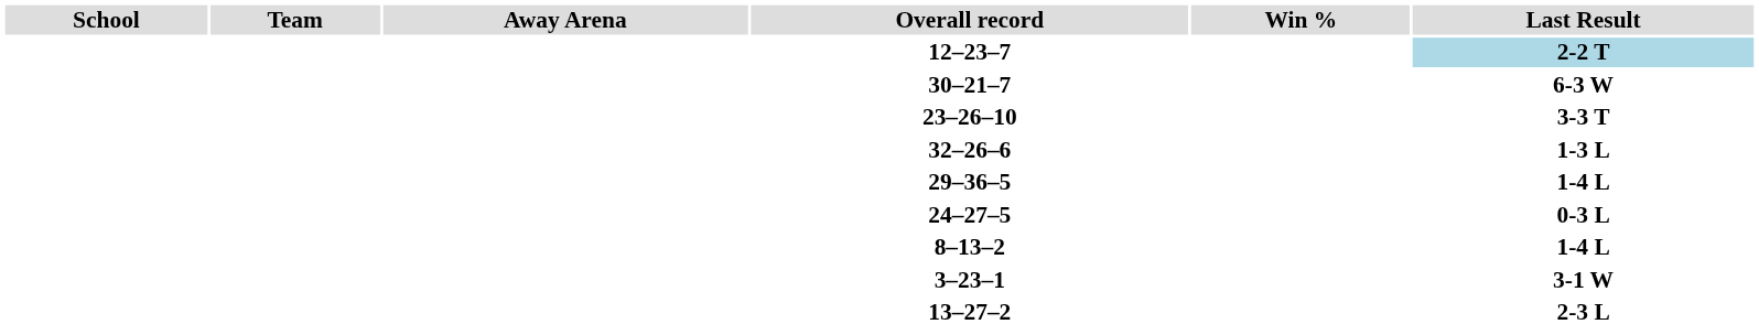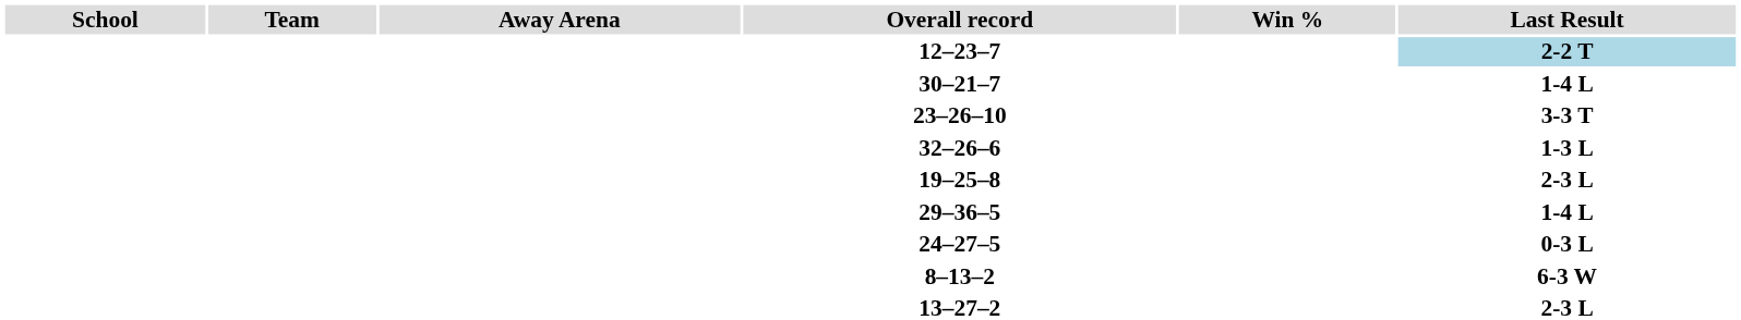 <table width="75%">
 <tr align="center"  bgcolor="#dddddd">
 <th>School</th>
 <th>Team</th>
 <th>Away Arena</th>
 <th>Overall record</th>
 <th>Win %</th>
 <th>Last Result</th>
 </tr>
 <tr align="center">
 <td><strong><a href='#'></a></strong></td>
 <td><strong><a href='#'></a></strong></td>
 <td><strong><a href='#'></a> </strong></td>
 <td><strong>12–23–7</strong></td>
 <td><strong></strong></td>
 <td style="background: lightblue;"><strong>2-2 T</strong></td>
 </tr>
 <tr align="center">
 <td><strong><a href='#'></a></strong></td>
 <td><strong><a href='#'></a></strong></td>
 <td><strong><a href='#'></a> </strong></td>
 <td><strong>30–21–7</strong></td>
 <td><strong></strong></td>
-<td><strong>6-3 W</strong></td>
+<td><strong>1-4 L</strong></td>
 </tr>
 <tr align="center">
 <td><strong><a href='#'></a></strong></td>
 <td><strong><a href='#'></a></strong></td>
 <td><strong><a href='#'></a> </strong></td>
 <td><strong>23–26–10</strong></td>
 <td><strong></strong></td>
 <td><strong>3-3 T</strong></td>
 </tr>
 <tr align="center">
 <td><strong><a href='#'></a></strong></td>
 <td><strong><a href='#'></a></strong></td>
 <td><strong><a href='#'></a> </strong></td>
 <td><strong>32–26–6</strong></td>
 <td><strong></strong></td>
 <td><strong>1-3 L</strong></td>
+</tr>
+<tr align="center">
+<td><strong><a href='#'></a></strong></td>
+<td><strong><a href='#'></a></strong></td>
+<td><strong><a href='#'></a></strong></td>
+<td><strong>19–25–8</strong></td>
+<td><strong></strong></td>
+<td><strong>2-3 L</strong></td>
 </tr>
 <tr align="center">
 <td><strong><a href='#'></a></strong></td>
 <td><strong><a href='#'></a></strong></td>
 <td><strong><a href='#'></a></strong></td>
 <td><strong>29–36–5</strong></td>
 <td><strong></strong></td>
 <td><strong>1-4 L</strong></td>
 </tr>
 <tr align="center">
 <td><strong><a href='#'></a></strong></td>
 <td><strong><a href='#'></a></strong></td>
 <td><strong><a href='#'></a></strong></td>
 <td><strong>24–27–5</strong></td>
 <td><strong></strong></td>
 <td><strong>0-3 L</strong></td>
 </tr>
 <tr align="center">
 <td><strong><a href='#'></a></strong></td>
 <td><strong><a href='#'></a></strong></td>
 <td><strong><a href='#'></a></strong></td>
 <td><strong>8–13–2</strong></td>
 <td><strong></strong></td>
-<td><strong>1-4 L</strong></td>
-</tr>
-<tr align="center">
-<td><strong><a href='#'></a></strong></td>
-<td><strong><a href='#'></a></strong></td>
-<td><strong><a href='#'></a></strong></td>
-<td><strong>3–23–1</strong></td>
-<td><strong></strong></td>
-<td><strong>3-1 W</strong></td>
+<td><strong>6-3 W</strong></td>
 </tr>
 <tr align="center">
 <td><strong><a href='#'></a></strong></td>
 <td><strong><a href='#'></a></strong></td>
 <td><strong><a href='#'></a></strong></td>
 <td><strong>13–27–2</strong></td>
 <td><strong></strong></td>
 <td><strong>2-3 L</strong></td>
 </tr>
 </table>
